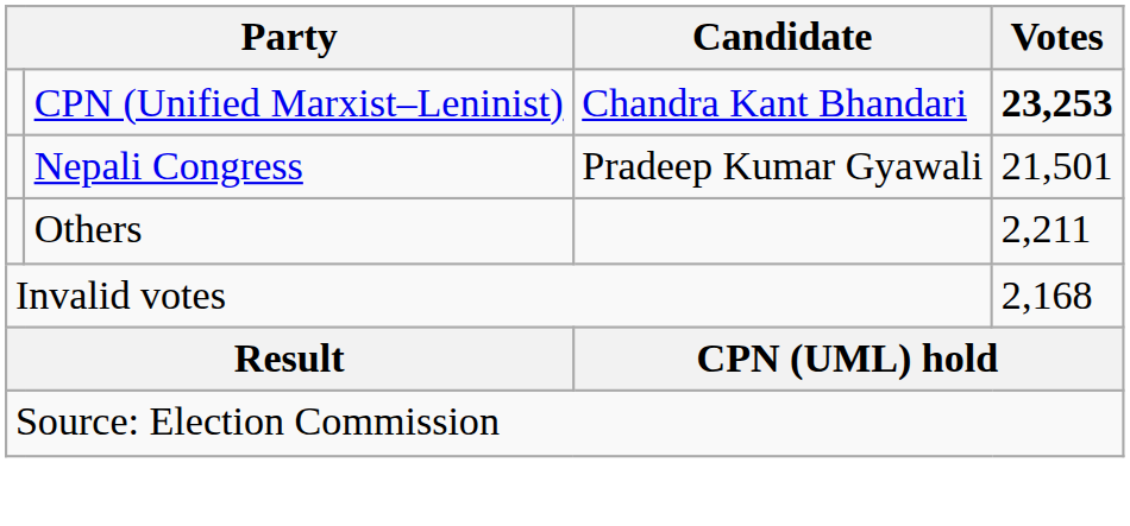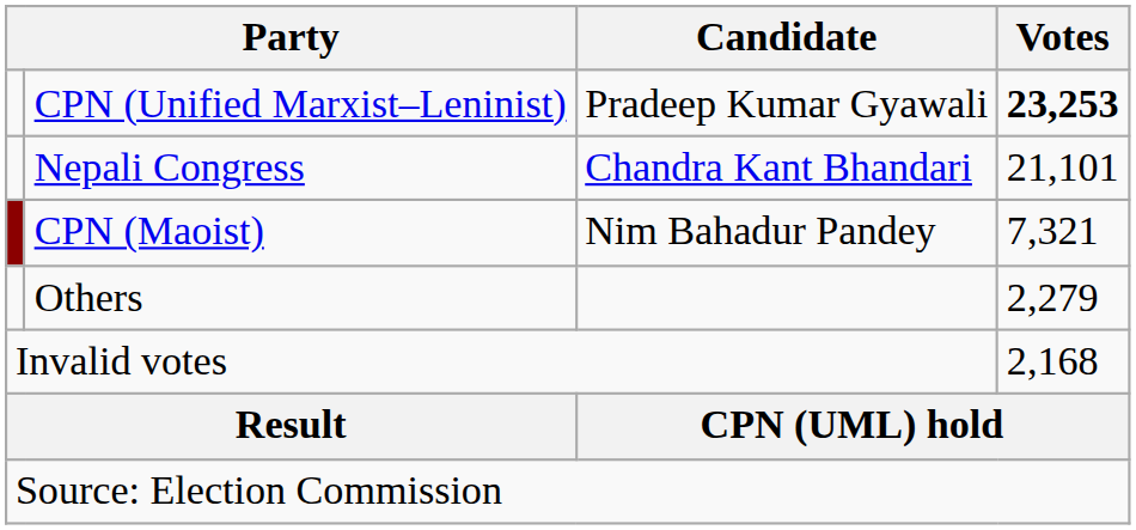 <table class="wikitable">
 <tr>
 <th colspan="2">Party</th>
 <th>Candidate</th>
 <th>Votes</th>
 </tr>
 <tr>
 <td style="background-color:"></td>
 <td><a href='#'>CPN (Unified Marxist–Leninist)</a></td>
-<td><a href='#'>Chandra Kant Bhandari</a></td>
+<td>Pradeep Kumar Gyawali</td>
 <td><strong>23,253</strong></td>
 </tr>
 <tr>
 <td style="background-color:"></td>
 <td><a href='#'>Nepali Congress</a></td>
-<td>Pradeep Kumar Gyawali</td>
-<td>21,501</td>
+<td><a href='#'>Chandra Kant Bhandari</a></td>
+<td>21,101</td>
+</tr>
+<tr>
+<td style="background-color:darkred"></td>
+<td><a href='#'>CPN (Maoist)</a></td>
+<td>Nim Bahadur Pandey</td>
+<td>7,321</td>
 </tr>
 <tr>
 <td></td>
 <td>Others</td>
 <td></td>
-<td>2,211</td>
+<td>2,279</td>
 </tr>
 <tr>
 <td colspan="3">Invalid votes</td>
 <td>2,168</td>
 </tr>
 <tr>
 <th colspan="2">Result</th>
 <th colspan="2">CPN (UML) hold</th>
 </tr>
 <tr>
 <td colspan="4">Source: Election Commission</td>
 </tr>
 </table>
